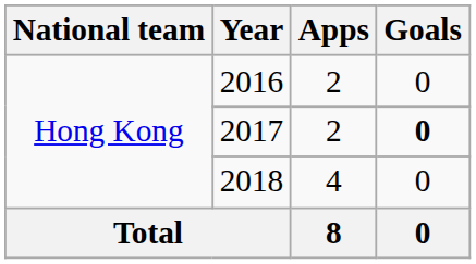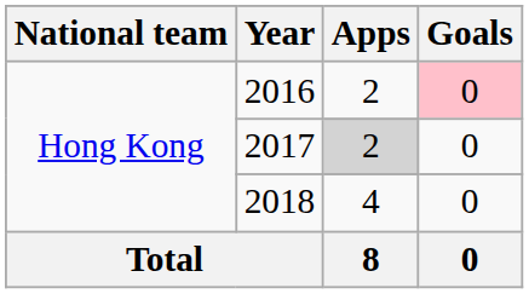 <table class="wikitable" style="text-align:center">
 <tr>
 <th>National team</th>
 <th>Year</th>
 <th>Apps</th>
 <th>Goals</th>
 </tr>
 <tr>
 <td rowspan="3"><a href='#'>Hong Kong</a></td>
 <td>2016</td>
 <td>2</td>
-<td>0</td>
+<td style="background: pink;">0</td>
 </tr>
 <tr>
 <td>2017</td>
-<td>2</td>
-<td><strong>0</strong></td>
+<td style="background: lightgrey;">2</td>
+<td>0</td>
 </tr>
 <tr>
 <td>2018</td>
 <td>4</td>
 <td>0</td>
 </tr>
 <tr>
 <th colspan=2>Total</th>
 <th>8</th>
 <th>0</th>
 </tr>
 </table>
